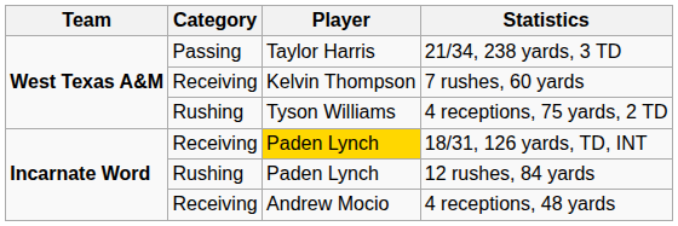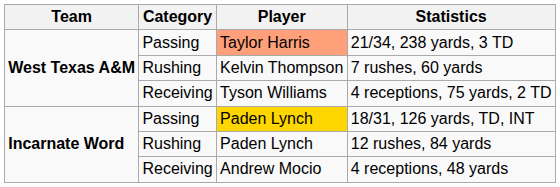 <table class="wikitable" style="float: left;">
 <tr>
 <th>Team</th>
 <th>Category</th>
 <th>Player</th>
 <th>Statistics</th>
 </tr>
 <tr>
 <td rowspan=3><strong>West Texas A&M</strong></td>
 <td>Passing</td>
-<td>Taylor Harris</td>
+<td style="background: lightsalmon;">Taylor Harris</td>
 <td>21/34, 238 yards, 3 TD</td>
 </tr>
 <tr>
-<td>Receiving</td>
+<td>Rushing</td>
 <td>Kelvin Thompson</td>
 <td>7 rushes, 60 yards</td>
 </tr>
 <tr>
-<td>Rushing</td>
+<td>Receiving</td>
 <td>Tyson Williams</td>
 <td>4 receptions, 75 yards, 2 TD</td>
 </tr>
 <tr>
 <td rowspan=3><strong>Incarnate Word</strong></td>
-<td>Receiving</td>
+<td>Passing</td>
 <td style="background: gold;">Paden Lynch</td>
 <td>18/31, 126 yards, TD, INT</td>
 </tr>
 <tr>
 <td>Rushing</td>
 <td>Paden Lynch</td>
 <td>12 rushes, 84 yards</td>
 </tr>
 <tr>
 <td>Receiving</td>
 <td>Andrew Mocio</td>
 <td>4 receptions, 48 yards</td>
 </tr>
 </table>
